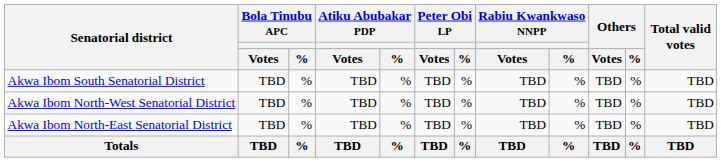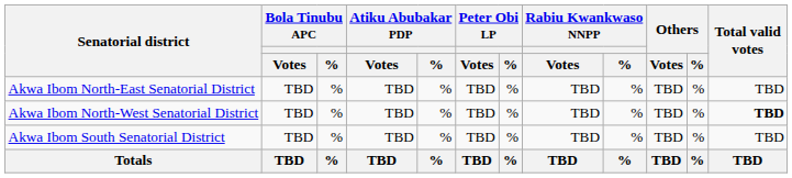 <table class="wikitable sortable" style="text-align:right; font-size:90%">
 <tr>
 <th rowspan="3" style="max-width:7.5em;">Senatorial district</th>
 <th colspan="2"><a href='#'>Bola Tinubu</a><br><small>APC</small></th>
 <th colspan="2"><a href='#'>Atiku Abubakar</a><br><small>PDP</small></th>
 <th colspan="2"><a href='#'>Peter Obi</a><br><small>LP</small></th>
 <th colspan="2"><a href='#'>Rabiu Kwankwaso</a><br><small>NNPP</small></th>
 <th colspan="2" rowspan="2">Others</th>
 <th rowspan="3" style="max-width:5em;">Total valid votes</th>
 </tr>
 <tr>
 <th colspan=2 style="background-color:"></th>
 <th colspan=2 style="background-color:"></th>
 <th colspan=2 style="background-color:"></th>
 <th colspan=2 style="background-color:"></th>
 </tr>
 <tr>
 <th>Votes</th>
 <th>%</th>
 <th>Votes</th>
 <th>%</th>
 <th>Votes</th>
 <th>%</th>
 <th>Votes</th>
 <th>%</th>
 <th>Votes</th>
 <th>%</th>
 </tr>
 <tr style="background-color:#">
-<td style="text-align:left;"><a href='#'>Akwa Ibom South Senatorial District</a></td>
+<td style="text-align:left;"><a href='#'>Akwa Ibom North-East Senatorial District</a></td>
 <td>TBD</td>
 <td>%</td>
 <td>TBD</td>
 <td>%</td>
 <td>TBD</td>
 <td>%</td>
 <td>TBD</td>
 <td>%</td>
 <td>TBD</td>
 <td>%</td>
 <td>TBD</td>
 </tr>
 <tr style="background-color:#">
 <td style="text-align:left;"><a href='#'>Akwa Ibom North-West Senatorial District</a></td>
 <td>TBD</td>
 <td>%</td>
 <td>TBD</td>
 <td>%</td>
 <td>TBD</td>
 <td>%</td>
 <td>TBD</td>
 <td>%</td>
 <td>TBD</td>
 <td>%</td>
-<td>TBD</td>
+<td><strong>TBD</strong></td>
 </tr>
 <tr style="background-color:#">
-<td style="text-align:left;"><a href='#'>Akwa Ibom North-East Senatorial District</a></td>
+<td style="text-align:left;"><a href='#'>Akwa Ibom South Senatorial District</a></td>
 <td>TBD</td>
 <td>%</td>
 <td>TBD</td>
 <td>%</td>
 <td>TBD</td>
 <td>%</td>
 <td>TBD</td>
 <td>%</td>
 <td>TBD</td>
 <td>%</td>
 <td>TBD</td>
 </tr>
 <tr>
 <th>Totals</th>
 <th>TBD</th>
 <th>%</th>
 <th>TBD</th>
 <th>%</th>
 <th>TBD</th>
 <th>%</th>
 <th>TBD</th>
 <th>%</th>
 <th>TBD</th>
 <th>%</th>
 <th>TBD</th>
 </tr>
 </table>
